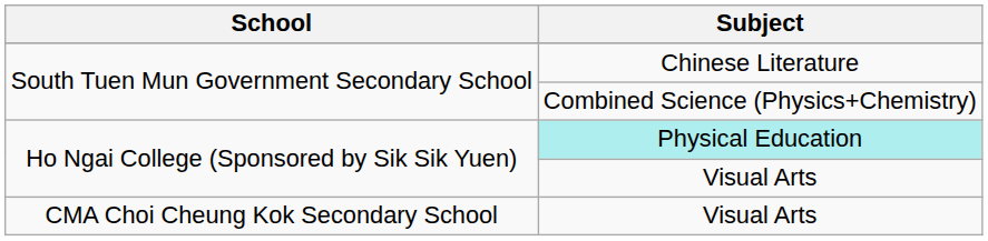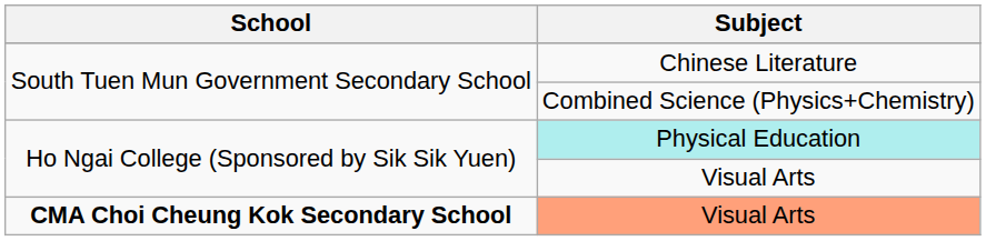 <table class="wikitable" border="1">
 <tr bgcolor="#CCCCCC">
 <th align="center" rowspan="1">School</th>
 <th align="center" colspan="1">Subject</th>
 </tr>
 <tr bgcolor="#FFFFFF">
 </tr>
 <tr>
 <td align="center" rowspan="2">South Tuen Mun Government Secondary School</td>
 <td align="center">Chinese Literature</td>
 </tr>
 <tr>
 <td align="center">Combined Science (Physics+Chemistry)</td>
 </tr>
 <tr>
 <td align="center" rowspan="2">Ho Ngai College (Sponsored by Sik Sik Yuen)</td>
 <td align="center" style="background: paleturquoise;">Physical Education</td>
 </tr>
 <tr>
 <td align="center">Visual Arts</td>
 </tr>
 <tr>
-<td align="center">CMA Choi Cheung Kok Secondary School</td>
-<td align="center">Visual Arts</td>
+<td align="center"><strong>CMA Choi Cheung Kok Secondary School</strong></td>
+<td align="center" style="background: lightsalmon;">Visual Arts</td>
 </tr>
 </table>
